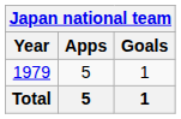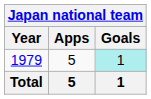 <table class="wikitable" style="text-align:center">
 <tr>
 <th colspan=3><a href='#'>Japan national team</a></th>
 </tr>
 <tr>
 <th>Year</th>
 <th>Apps</th>
 <th>Goals</th>
 </tr>
 <tr>
 <td><a href='#'>1979</a></td>
 <td>5</td>
-<td>1</td>
+<td style="background: paleturquoise;">1</td>
 </tr>
 <tr>
 <th>Total</th>
 <th>5</th>
 <th>1</th>
 </tr>
 </table>
